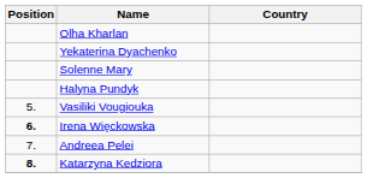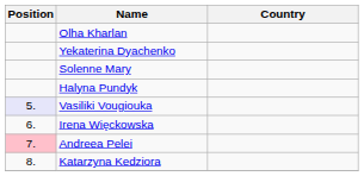 <table class="wikitable">
 <tr>
 <th width="20">Position</th>
 <th width="200">Name</th>
 <th width="200">Country</th>
 </tr>
 <tr>
 <td align="center"></td>
 <td><a href='#'>Olha Kharlan</a></td>
 <td></td>
 </tr>
 <tr>
 <td align="center"></td>
 <td><a href='#'>Yekaterina Dyachenko</a></td>
 <td></td>
 </tr>
 <tr>
 <td align="center"></td>
 <td><a href='#'>Solenne Mary</a></td>
 <td></td>
 </tr>
 <tr>
 <td align="center"></td>
 <td><a href='#'>Halyna Pundyk</a></td>
 <td></td>
 </tr>
 <tr>
-<td align="center">5.</td>
+<td align="center" style="background: lavender;">5.</td>
 <td><a href='#'>Vasiliki Vougiouka</a></td>
 <td></td>
 </tr>
 <tr>
-<td align="center"><strong>6.</strong></td>
+<td align="center">6.</td>
 <td><a href='#'>Irena Więckowska</a></td>
 <td></td>
 </tr>
 <tr>
-<td align="center">7.</td>
+<td align="center" style="background: pink;">7.</td>
 <td><a href='#'>Andreea Pelei</a></td>
 <td></td>
 </tr>
 <tr>
-<td align="center"><strong>8.</strong></td>
+<td align="center">8.</td>
 <td><a href='#'>Katarzyna Kedziora</a></td>
 <td></td>
 </tr>
 <tr>
 </tr>
 </table>
